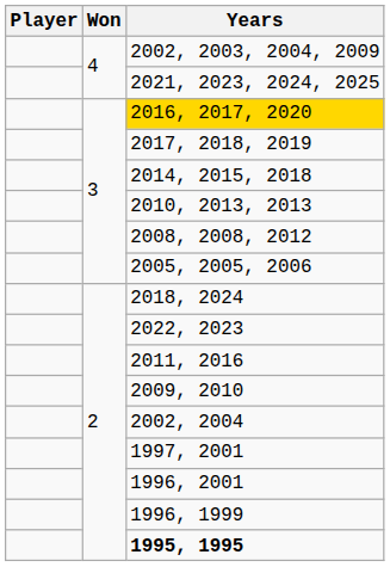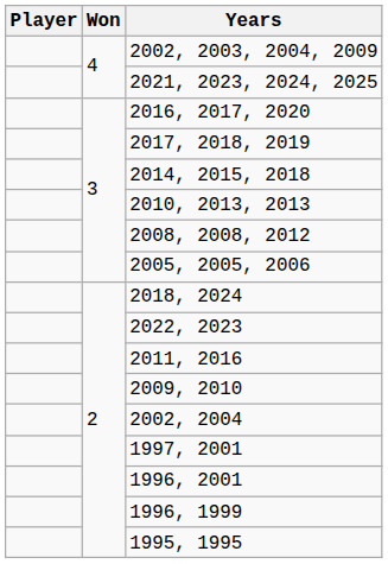 <table class="wikitable sortable">
 <tr>
 <th>Player</th>
 <th>Won</th>
 <th>Years</th>
 </tr>
 <tr>
 <td> </td>
 <td rowspan="2">4</td>
 <td>2002, 2003, 2004, 2009</td>
 </tr>
 <tr>
 <td> </td>
 <td>2021, 2023, 2024, 2025</td>
 </tr>
 <tr>
 <td> </td>
 <td rowspan="6">3</td>
-<td style="background: gold;">2016, 2017, 2020</td>
+<td>2016, 2017, 2020</td>
 </tr>
 <tr>
 <td> </td>
 <td>2017, 2018, 2019</td>
 </tr>
 <tr>
 <td> </td>
 <td>2014, 2015, 2018</td>
 </tr>
 <tr>
 <td> </td>
 <td>2010, 2013, 2013</td>
 </tr>
 <tr>
 <td> </td>
 <td>2008, 2008, 2012</td>
 </tr>
 <tr>
 <td> </td>
 <td>2005, 2005, 2006</td>
 </tr>
 <tr>
 <td> </td>
 <td rowspan="10">2</td>
 <td>2018, 2024</td>
 </tr>
 <tr>
 <td> </td>
 <td>2022, 2023</td>
 </tr>
 <tr>
 <td> </td>
 <td>2011, 2016</td>
 </tr>
 <tr>
 <td> </td>
 <td>2009, 2010</td>
 </tr>
 <tr>
 <td> </td>
 <td>2002, 2004</td>
 </tr>
 <tr>
 <td> </td>
 <td>1997, 2001</td>
 </tr>
 <tr>
 <td> </td>
 <td>1996, 2001</td>
 </tr>
 <tr>
 <td> </td>
 <td>1996, 1999</td>
 </tr>
 <tr>
 <td> </td>
-<td><strong>1995, 1995</strong></td>
+<td>1995, 1995</td>
 </tr>
 </table>
